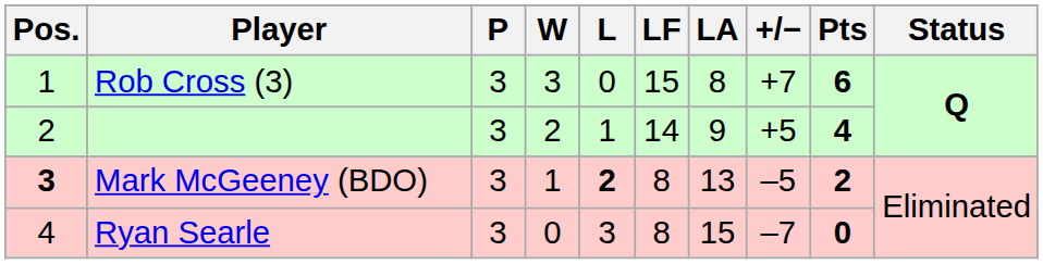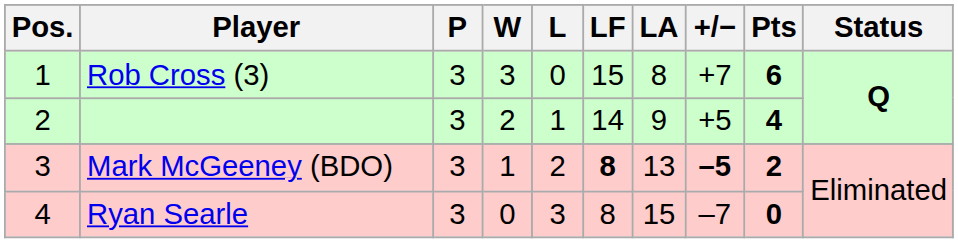 <table class="wikitable" style="text-align:center; margin: 1em auto 1em auto, align:left">
 <tr>
 <th width=20>Pos.</th>
 <th width=185>Player</th>
 <th width=20>P</th>
 <th width=20>W</th>
 <th width=20>L</th>
 <th width=20>LF</th>
 <th width=20>LA</th>
 <th width=25>+/−</th>
 <th width=20>Pts</th>
 <th width=70>Status</th>
 </tr>
 <tr style="background:#CCFFCC;">
 <td>1</td>
 <td align=left> <a href='#'>Rob Cross</a> (3)</td>
 <td>3</td>
 <td>3</td>
 <td>0</td>
 <td>15</td>
 <td>8</td>
 <td>+7</td>
 <td><strong>6</strong></td>
 <td rowspan=2><strong>Q</strong></td>
 </tr>
 <tr style="background:#CCFFCC;">
 <td>2</td>
 <td align=left></td>
 <td>3</td>
 <td>2</td>
 <td>1</td>
 <td>14</td>
 <td>9</td>
 <td>+5</td>
 <td><strong>4</strong></td>
 </tr>
 <tr style="background:#FFCCCC;">
-<td><strong>3</strong></td>
+<td>3</td>
 <td align=left> <a href='#'>Mark McGeeney</a> (BDO)</td>
 <td>3</td>
 <td>1</td>
-<td><strong>2</strong></td>
-<td>8</td>
+<td>2</td>
+<td><strong>8</strong></td>
 <td>13</td>
-<td>–5</td>
+<td><strong>–5</strong></td>
 <td><strong>2</strong></td>
 <td rowspan=2>Eliminated</td>
 </tr>
 <tr style="background:#FFCCCC;">
 <td>4</td>
 <td align=left> <a href='#'>Ryan Searle</a></td>
 <td>3</td>
 <td>0</td>
 <td>3</td>
 <td>8</td>
 <td>15</td>
 <td>–7</td>
 <td><strong>0</strong></td>
 </tr>
 </table>
